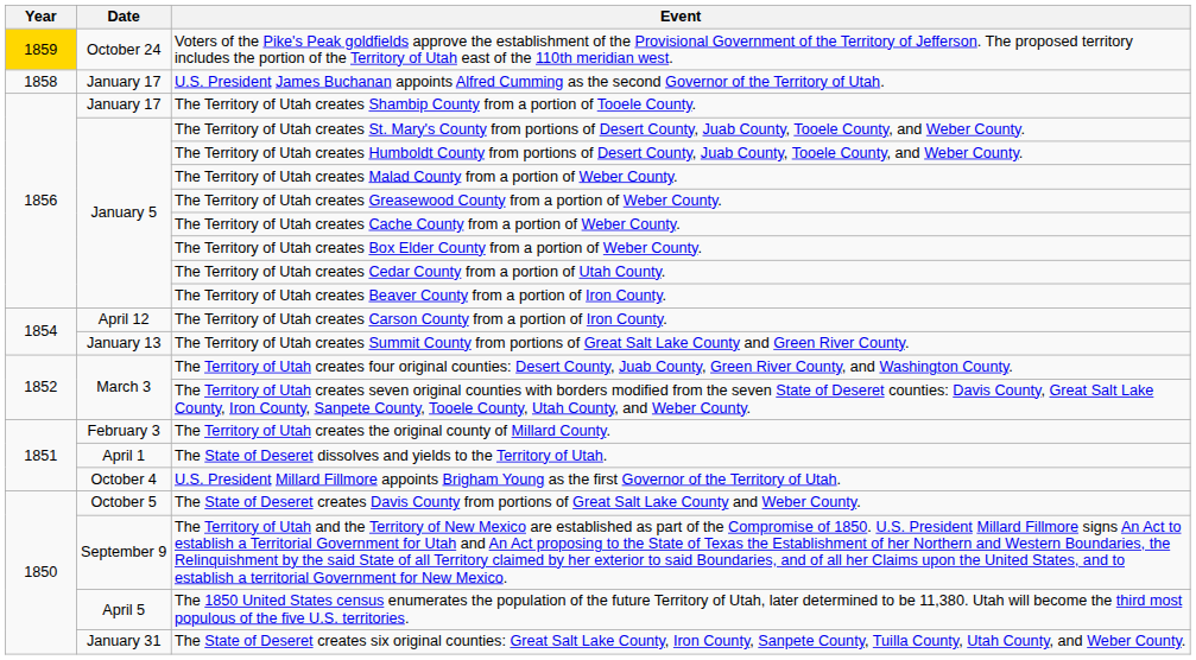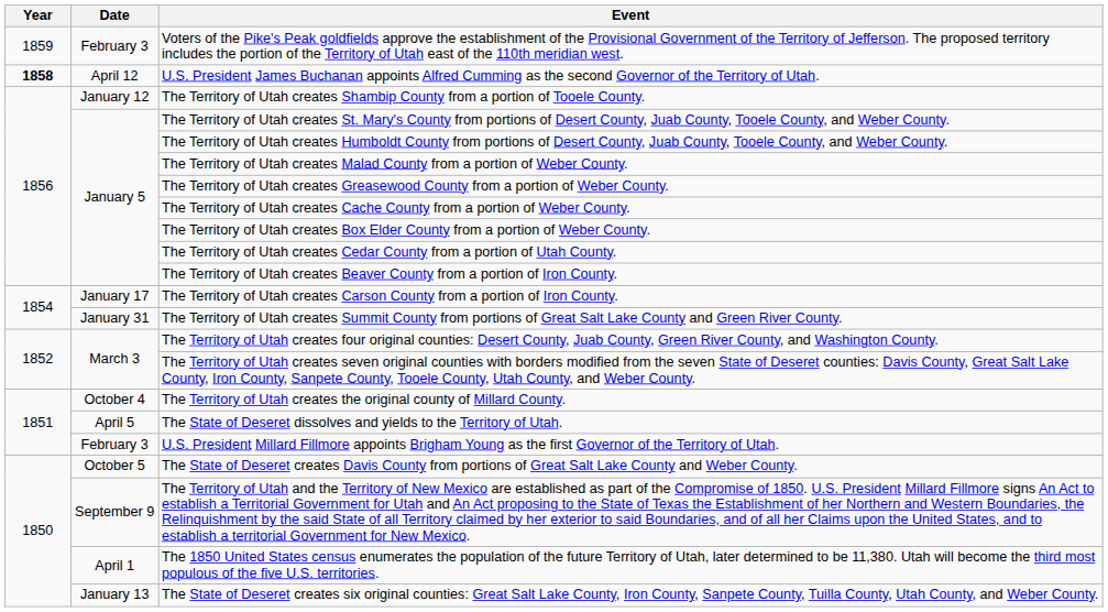 <table class="wikitable" style="width:100%;">
 <tr>
 <th style="width:6%">Year</th>
 <th style="width:8%">Date</th>
 <th style="width:86%">Event</th>
 </tr>
 <tr>
-<td align=center rowspan=1 style="background: gold;">1859</td>
-<td align=center>October 24</td>
+<td align=center rowspan=1>1859</td>
+<td align=center>February 3</td>
 <td>Voters of the <a href='#'>Pike's Peak goldfields</a> approve the establishment of the <a href='#'>Provisional Government of the Territory of Jefferson</a>. The proposed territory includes the portion of the <a href='#'>Territory of Utah</a> east of the <a href='#'>110th meridian west</a>.</td>
 </tr>
 <tr>
-<td align=center rowspan=1>1858</td>
-<td align=center>January 17</td>
+<td align=center rowspan=1><strong>1858</strong></td>
+<td align=center>April 12</td>
 <td><a href='#'>U.S. President</a> <a href='#'>James Buchanan</a> appoints <a href='#'>Alfred Cumming</a> as the second <a href='#'>Governor of the Territory of Utah</a>.</td>
 </tr>
 <tr>
 <td align=center rowspan=9>1856</td>
-<td align=center>January 17</td>
+<td align=center>January 12</td>
 <td>The Territory of Utah creates <a href='#'>Shambip County</a> from a portion of <a href='#'>Tooele County</a>.</td>
 </tr>
 <tr>
 <td align=center rowspan=8>January 5</td>
 <td>The Territory of Utah creates <a href='#'>St. Mary's County</a> from portions of <a href='#'>Desert County</a>, <a href='#'>Juab County</a>, <a href='#'>Tooele County</a>, and <a href='#'>Weber County</a>.</td>
 </tr>
 <tr>
 <td>The Territory of Utah creates <a href='#'>Humboldt County</a> from portions of <a href='#'>Desert County</a>, <a href='#'>Juab County</a>, <a href='#'>Tooele County</a>, and <a href='#'>Weber County</a>.</td>
 </tr>
 <tr>
 <td>The Territory of Utah creates <a href='#'>Malad County</a> from a portion of <a href='#'>Weber County</a>.</td>
 </tr>
 <tr>
 <td>The Territory of Utah creates <a href='#'>Greasewood County</a> from a portion of <a href='#'>Weber County</a>.</td>
 </tr>
 <tr>
 <td>The Territory of Utah creates <a href='#'>Cache County</a> from a portion of <a href='#'>Weber County</a>.</td>
 </tr>
 <tr>
 <td>The Territory of Utah creates <a href='#'>Box Elder County</a> from a portion of <a href='#'>Weber County</a>.</td>
 </tr>
 <tr>
 <td>The Territory of Utah creates <a href='#'>Cedar County</a> from a portion of <a href='#'>Utah County</a>.</td>
 </tr>
 <tr>
 <td>The Territory of Utah creates <a href='#'>Beaver County</a> from a portion of <a href='#'>Iron County</a>.</td>
 </tr>
 <tr>
 <td align=center rowspan=2>1854</td>
-<td align=center>April 12</td>
+<td align=center>January 17</td>
 <td>The Territory of Utah creates <a href='#'>Carson County</a> from a portion of <a href='#'>Iron County</a>.</td>
 </tr>
 <tr>
-<td align=center>January 13</td>
+<td align=center>January 31</td>
 <td>The Territory of Utah creates <a href='#'>Summit County</a> from portions of <a href='#'>Great Salt Lake County</a> and <a href='#'>Green River County</a>.</td>
 </tr>
 <tr>
 <td align=center rowspan=2>1852</td>
 <td align=center rowspan=2>March 3</td>
 <td>The <a href='#'>Territory of Utah</a> creates four original counties: <a href='#'>Desert County</a>, <a href='#'>Juab County</a>, <a href='#'>Green River County</a>, and <a href='#'>Washington County</a>.</td>
 </tr>
 <tr>
 <td>The <a href='#'>Territory of Utah</a> creates seven original counties with borders modified from the seven <a href='#'>State of Deseret</a> counties: <a href='#'>Davis County</a>, <a href='#'>Great Salt Lake County</a>, <a href='#'>Iron County</a>, <a href='#'>Sanpete County</a>, <a href='#'>Tooele County</a>, <a href='#'>Utah County</a>, and <a href='#'>Weber County</a>.</td>
 </tr>
 <tr>
 <td align=center rowspan=3>1851</td>
-<td align=center>February 3</td>
+<td align=center>October 4</td>
 <td>The <a href='#'>Territory of Utah</a> creates the original county of <a href='#'>Millard County</a>.</td>
 </tr>
 <tr>
-<td align=center>April 1</td>
+<td align=center>April 5</td>
 <td>The <a href='#'>State of Deseret</a> dissolves and yields to the <a href='#'>Territory of Utah</a>.</td>
 </tr>
 <tr>
-<td align=center>October 4</td>
+<td align=center>February 3</td>
 <td><a href='#'>U.S. President</a> <a href='#'>Millard Fillmore</a> appoints <a href='#'>Brigham Young</a> as the first <a href='#'>Governor of the Territory of Utah</a>.</td>
 </tr>
 <tr>
 <td align=center rowspan=4>1850</td>
 <td align=center>October 5</td>
 <td>The <a href='#'>State of Deseret</a> creates <a href='#'>Davis County</a> from portions of <a href='#'>Great Salt Lake County</a> and <a href='#'>Weber County</a>.</td>
 </tr>
 <tr>
 <td align=center>September 9</td>
 <td>The <a href='#'>Territory of Utah</a> and the <a href='#'>Territory of New Mexico</a> are established as part of the <a href='#'>Compromise of 1850</a>. <a href='#'>U.S. President</a> <a href='#'>Millard Fillmore</a> signs <a href='#'>An Act to establish a Territorial Government for Utah</a> and <a href='#'>An Act proposing to the State of Texas the Establishment of her Northern and Western Boundaries, the Relinquishment by the said State of all Territory claimed by her exterior to said Boundaries, and of all her Claims upon the United States, and to establish a territorial Government for New Mexico</a>.</td>
 </tr>
 <tr>
-<td align=center>April 5</td>
+<td align=center>April 1</td>
 <td>The <a href='#'>1850 United States census</a> enumerates the population of the future Territory of Utah, later determined to be 11,380. Utah will become the <a href='#'>third most populous of the five U.S. territories</a>.</td>
 </tr>
 <tr>
-<td align=center>January 31</td>
+<td align=center>January 13</td>
 <td>The <a href='#'>State of Deseret</a> creates six original counties: <a href='#'>Great Salt Lake County</a>, <a href='#'>Iron County</a>, <a href='#'>Sanpete County</a>, <a href='#'>Tuilla County</a>, <a href='#'>Utah County</a>, and <a href='#'>Weber County</a>.</td>
 </tr>
 </table>
